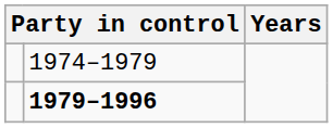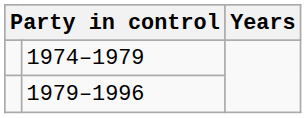 <table class="wikitable">
 <tr>
 <th colspan="2">Party in control</th>
 <th>Years</th>
 </tr>
 <tr>
 <td></td>
 <td>1974–1979</td>
 </tr>
 <tr>
 <td></td>
-<td><strong>1979–1996</strong></td>
+<td>1979–1996</td>
 </tr>
 </table>
